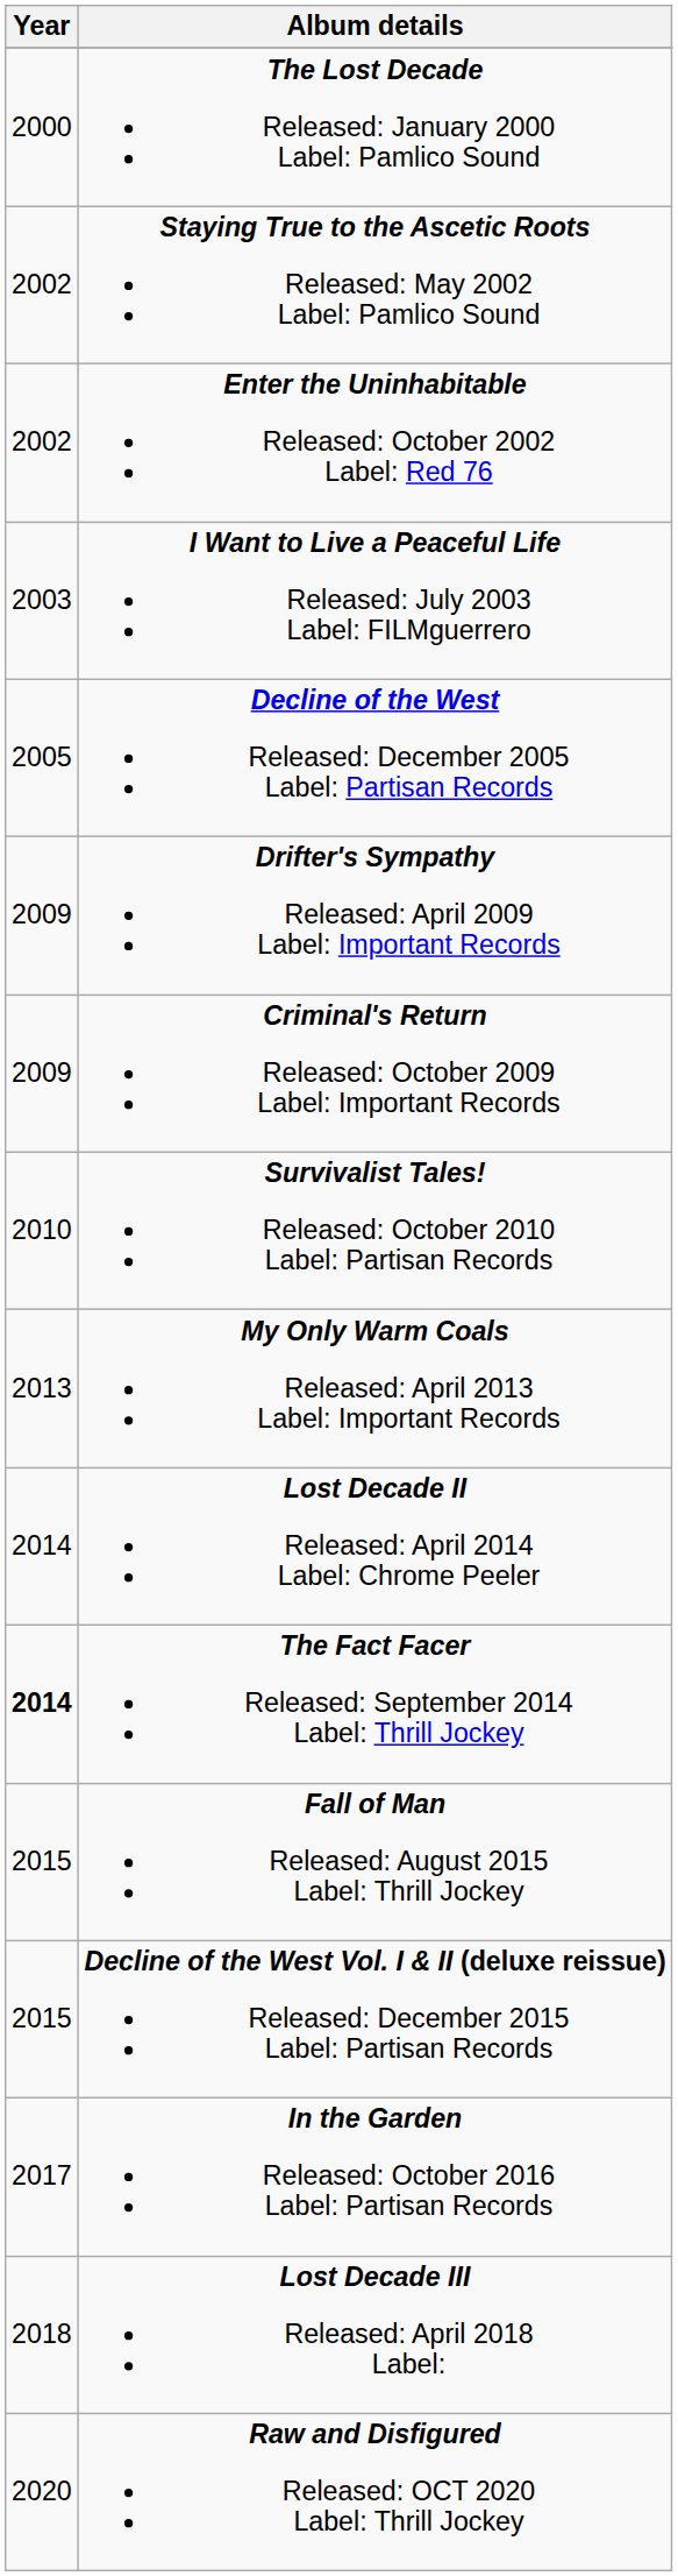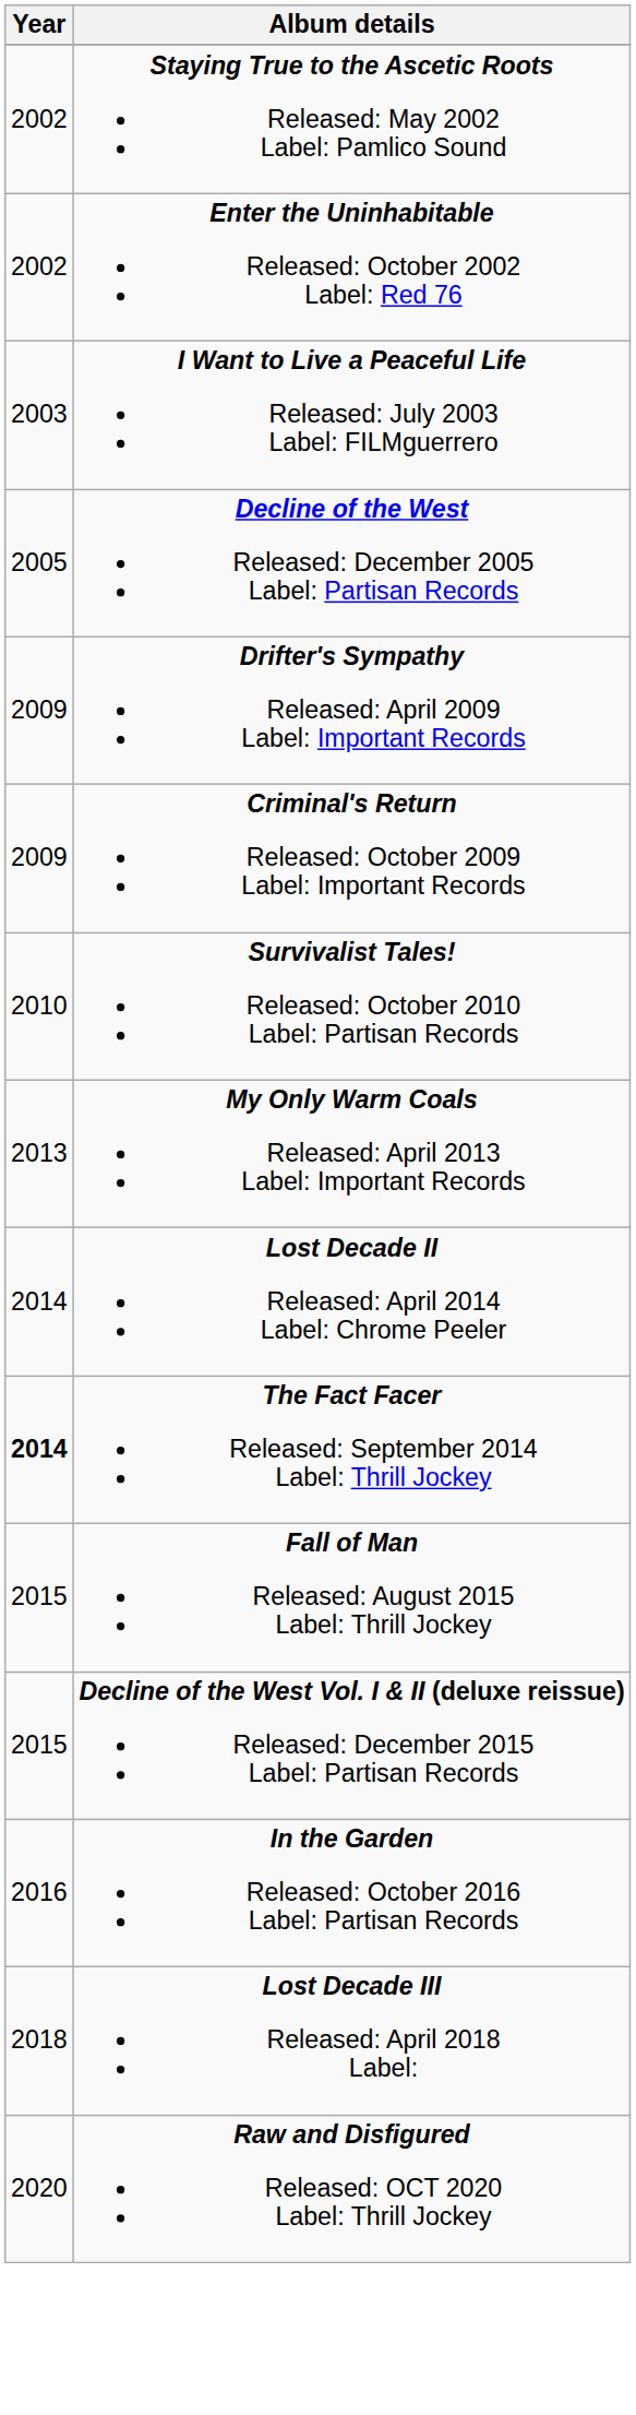 <table class="wikitable" style="text-align:center;">
 <tr>
 <th rowspan="1">Year</th>
 <th rowspan="1">Album details</th>
 </tr>
 <tr>
-</tr>
-<tr>
-<td>2000</td>
-<td align="left:"><strong><em>The Lost Decade</em></strong><br><ul><li>Released: January 2000</li><li>Label: Pamlico Sound</li></ul></td>
 </tr>
 <tr>
 <td>2002</td>
 <td align="left:"><strong><em>Staying True to the Ascetic Roots</em></strong><br><ul><li>Released: May 2002</li><li>Label: Pamlico Sound</li></ul></td>
 </tr>
 <tr>
 <td>2002</td>
 <td align="left:"><strong><em>Enter the Uninhabitable</em></strong><br><ul><li>Released: October 2002</li><li>Label: <a href='#'>Red 76</a></li></ul></td>
 </tr>
 <tr>
 <td>2003</td>
 <td align="left:"><strong><em>I Want to Live a Peaceful Life</em></strong><br><ul><li>Released: July 2003</li><li>Label: FILMguerrero</li></ul></td>
 </tr>
 <tr>
 <td>2005</td>
 <td align="left:"><strong><em><a href='#'>Decline of the West</a></em></strong><br><ul><li>Released: December 2005</li><li>Label: <a href='#'>Partisan Records</a></li></ul></td>
 </tr>
 <tr>
 <td>2009</td>
 <td align="left:"><strong><em>Drifter's Sympathy</em></strong><br><ul><li>Released: April 2009</li><li>Label: <a href='#'>Important Records</a></li></ul></td>
 </tr>
 <tr>
 <td>2009</td>
 <td align="left:"><strong><em>Criminal's Return</em></strong><br><ul><li>Released: October 2009</li><li>Label: Important Records</li></ul></td>
 </tr>
 <tr>
 <td>2010</td>
 <td align="left:"><strong><em>Survivalist Tales!</em></strong><br><ul><li>Released: October 2010</li><li>Label: Partisan Records</li></ul></td>
 </tr>
 <tr>
 <td>2013</td>
 <td align="left:"><strong><em>My Only Warm Coals</em></strong><br><ul><li>Released: April 2013</li><li>Label: Important Records</li></ul></td>
 </tr>
 <tr>
 <td>2014</td>
 <td align="left:"><strong><em>Lost Decade II</em></strong><br><ul><li>Released: April 2014</li><li>Label: Chrome Peeler</li></ul></td>
 </tr>
 <tr>
 <td><strong>2014</strong></td>
 <td align="left:"><strong><em>The Fact Facer</em></strong><br><ul><li>Released: September 2014</li><li>Label: <a href='#'>Thrill Jockey</a></li></ul></td>
 </tr>
 <tr>
 <td>2015</td>
 <td align="left:"><strong><em>Fall of Man</em></strong><br><ul><li>Released: August 2015</li><li>Label: Thrill Jockey</li></ul></td>
 </tr>
 <tr>
 <td>2015</td>
 <td align="left:"><strong><em>Decline of the West Vol. I & II</em></strong> <strong>(deluxe reissue)</strong><br><ul><li>Released: December 2015</li><li>Label: Partisan Records</li></ul></td>
 </tr>
 <tr>
-<td>2017</td>
+<td>2016</td>
 <td align="left:"><strong><em>In the Garden</em></strong><br><ul><li>Released: October 2016</li><li>Label: Partisan Records</li></ul></td>
 </tr>
 <tr>
 <td>2018</td>
 <td><strong><em>Lost Decade III</em></strong><br><ul><li>Released: April 2018</li><li>Label: </li></ul></td>
 </tr>
 <tr>
 <td>2020</td>
 <td><strong><em>Raw and Disfigured</em></strong><br><ul><li>Released: OCT 2020</li><li>Label: Thrill Jockey</li></ul></td>
 </tr>
 </table>
